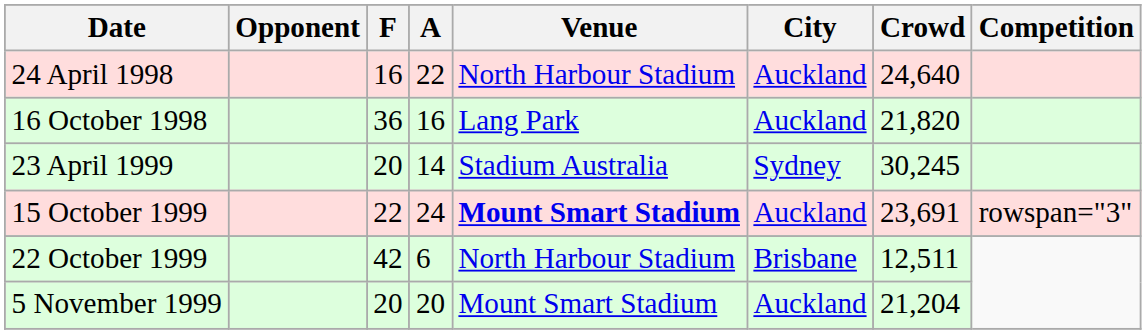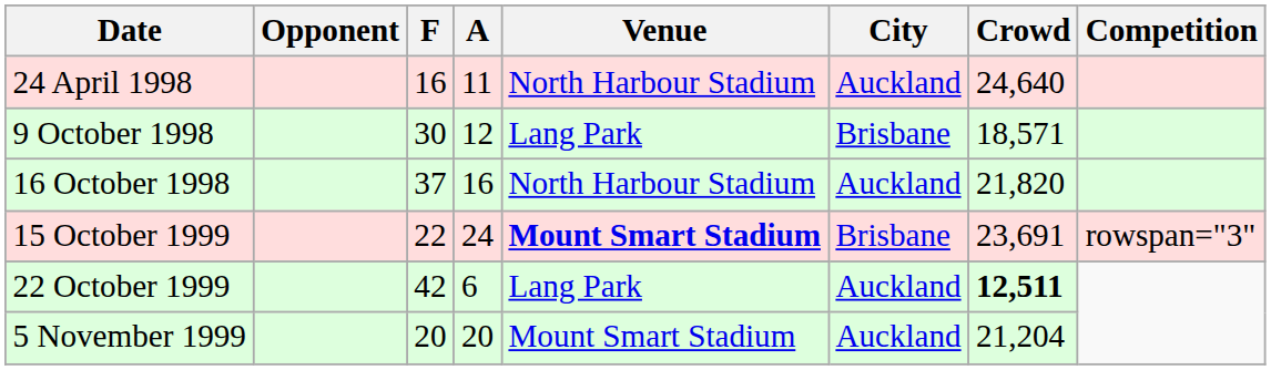 <table class="wikitable sortable">
 <tr>
 <th>Date</th>
 <th>Opponent</th>
 <th>F</th>
 <th>A</th>
 <th>Venue</th>
 <th>City</th>
 <th>Crowd</th>
 <th>Competition</th>
 </tr>
 <tr style="background:#ffdddd;">
 <td>24 April 1998</td>
 <td></td>
 <td>16</td>
-<td>22</td>
+<td>11</td>
 <td><a href='#'>North Harbour Stadium</a></td>
 <td><a href='#'>Auckland</a></td>
 <td>24,640</td>
 <td></td>
 </tr>
 <tr style="background:#ddffdd;">
-<td>16 October 1998</td>
+<td>9 October 1998</td>
 <td></td>
-<td>36</td>
-<td>16</td>
+<td>30</td>
+<td>12</td>
 <td><a href='#'>Lang Park</a></td>
-<td><a href='#'>Auckland</a></td>
-<td>21,820</td>
+<td><a href='#'>Brisbane</a></td>
+<td>18,571</td>
 <td></td>
 </tr>
 <tr style="background:#ddffdd;">
-<td>23 April 1999</td>
+<td>16 October 1998</td>
 <td></td>
-<td>20</td>
-<td>14</td>
-<td><a href='#'>Stadium Australia</a></td>
-<td><a href='#'>Sydney</a></td>
-<td>30,245</td>
+<td>37</td>
+<td>16</td>
+<td><a href='#'>North Harbour Stadium</a></td>
+<td><a href='#'>Auckland</a></td>
+<td>21,820</td>
 <td></td>
 </tr>
 <tr style="background:#ffdddd;">
 <td>15 October 1999</td>
 <td></td>
 <td>22</td>
 <td>24</td>
 <td><strong><a href='#'>Mount Smart Stadium</a></strong></td>
-<td><a href='#'>Auckland</a></td>
+<td><a href='#'>Brisbane</a></td>
 <td>23,691</td>
 <td>rowspan="3" </td>
 </tr>
 <tr style="background:#ddffdd;">
 <td>22 October 1999</td>
 <td></td>
 <td>42</td>
 <td>6</td>
-<td><a href='#'>North Harbour Stadium</a></td>
-<td><a href='#'>Brisbane</a></td>
-<td>12,511</td>
+<td><a href='#'>Lang Park</a></td>
+<td><a href='#'>Auckland</a></td>
+<td><strong>12,511</strong></td>
 </tr>
 <tr style="background:#ddffdd;">
 <td>5 November 1999</td>
 <td></td>
 <td>20</td>
 <td>20</td>
 <td><a href='#'>Mount Smart Stadium</a></td>
 <td><a href='#'>Auckland</a></td>
 <td>21,204</td>
 </tr>
 </table>
